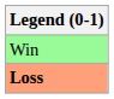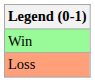 <table class="wikitable"  style="font-size:89%;">
 <tr>
 <th>Legend (0-1)</th>
 </tr>
 <tr style="background:#98fb98;"|Win>
 <td>Win</td>
 </tr>
 <tr style="background:#ffa07a;"|Loss>
-<td><strong>Loss</strong></td>
+<td>Loss</td>
 </tr>
 </table>
